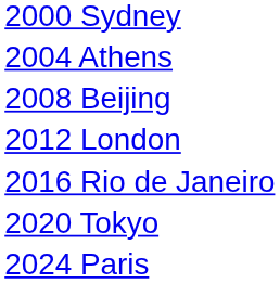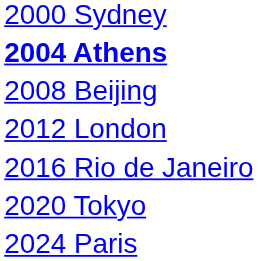 <table>
 <tr>
 <td><a href='#'>2000 Sydney</a><br></td>
 <td></td>
 <td></td>
 <td></td>
 </tr>
 <tr>
-<td><a href='#'>2004 Athens</a><br></td>
+<td><strong><a href='#'>2004 Athens</a><br></strong></td>
 <td></td>
 <td></td>
 <td></td>
 </tr>
 <tr valign="top">
 <td rowspan=2><a href='#'>2008 Beijing</a><br></td>
 <td rowspan=2></td>
 <td rowspan=2></td>
 <td></td>
 </tr>
 <tr>
 <td></td>
 </tr>
 <tr valign="top">
 <td rowspan=2><a href='#'>2012 London</a><br></td>
 <td rowspan=2></td>
 <td rowspan=2></td>
 <td></td>
 </tr>
 <tr>
 <td></td>
 </tr>
 <tr valign="top">
 <td rowspan=2><a href='#'>2016 Rio de Janeiro</a><br></td>
 <td rowspan=2></td>
 <td rowspan=2></td>
 <td></td>
 </tr>
 <tr>
 <td></td>
 </tr>
 <tr valign="top">
 <td rowspan=2><a href='#'>2020 Tokyo</a><br></td>
 <td rowspan=2></td>
 <td rowspan=2></td>
 <td></td>
 </tr>
 <tr>
 <td></td>
 </tr>
 <tr valign="top">
 <td rowspan=2><a href='#'>2024 Paris</a><br></td>
 <td rowspan=2></td>
 <td rowspan=2></td>
 <td></td>
 </tr>
 <tr>
 <td></td>
 </tr>
 <tr>
 </tr>
 </table>
